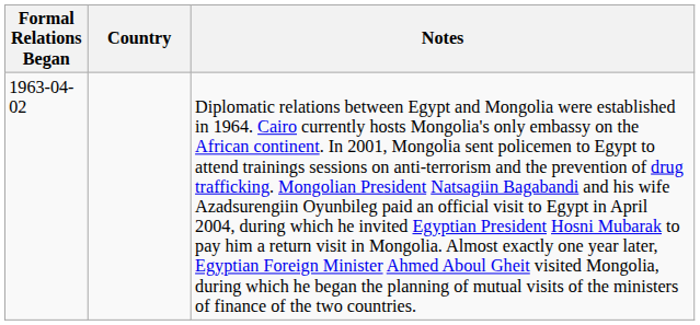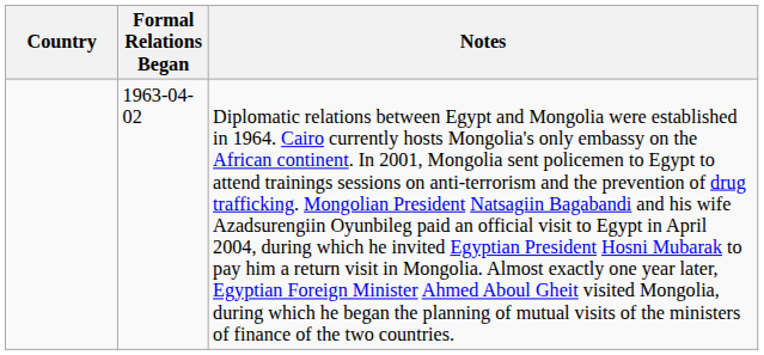 <table class="wikitable sortable" style="width:100%; margin:auto;">
 <tr>
+<th style="width:15%;">Country</th>
 <th style="width:12%;">Formal Relations Began</th>
-<th style="width:15%;">Country</th>
 <th>Notes</th>
 </tr>
 <tr valign="top">
+<td></td>
 <td>1963-04-02</td>
-<td></td>
 <td><br>Diplomatic relations between Egypt and Mongolia were established in 1964. <a href='#'>Cairo</a> currently hosts Mongolia's only embassy on the <a href='#'>African continent</a>. In 2001, Mongolia sent policemen to Egypt to attend trainings sessions on anti-terrorism and the prevention of <a href='#'>drug trafficking</a>. <a href='#'>Mongolian President</a> <a href='#'>Natsagiin Bagabandi</a> and his wife Azadsurengiin Oyunbileg paid an official visit to Egypt in April 2004, during which he invited <a href='#'>Egyptian President</a> <a href='#'>Hosni Mubarak</a> to pay him a return visit in Mongolia. Almost exactly one year later, <a href='#'>Egyptian Foreign Minister</a> <a href='#'>Ahmed Aboul Gheit</a> visited Mongolia, during which he began the planning of mutual visits of the ministers of finance of the two countries.<br> </td>
 </tr>
 </table>
